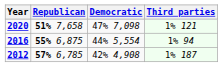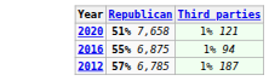 <table class="wikitable" style="float:right; font-size:95%;">
 <tr bgcolor=lightgrey>
 <th>Year</th>
 <th><a href='#'>Republican</a></th>
-<th><a href='#'>Democratic</a></th>
 <th><a href='#'>Third parties</a></th>
 </tr>
 <tr>
 <td style="text-align:center; "><strong><a href='#'>2020</a></strong></td>
 <td style="text-align:center; "><strong>51%</strong> <em>7,658</em></td>
-<td style="text-align:center; ">47% <em>7,098</em></td>
 <td style="text-align:center; background:honeyDew;">1% <em>121</em></td>
 </tr>
 <tr>
 <td style="text-align:center; "><strong><a href='#'>2016</a></strong></td>
 <td style="text-align:center; "><strong>55%</strong> <em>6,875</em></td>
-<td style="text-align:center; ">44% <em>5,554</em></td>
 <td style="text-align:center; background:honeyDew;">1% <em>94</em></td>
 </tr>
 <tr>
 <td style="text-align:center; "><strong><a href='#'>2012</a></strong></td>
 <td style="text-align:center; "><strong>57%</strong> <em>6,785</em></td>
-<td style="text-align:center; ">42% <em>4,908</em></td>
 <td style="text-align:center; background:honeyDew;">1% <em>187</em></td>
 </tr>
 </table>
